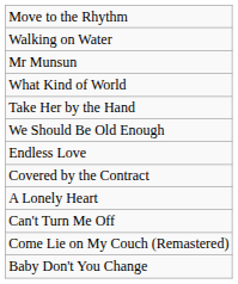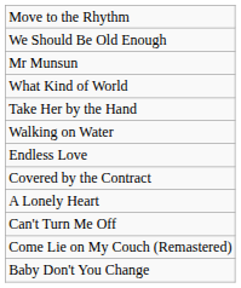 <table class="wikitable">
 <tr>
 <td>Move to the Rhythm</td>
 </tr>
 <tr>
-<td>Walking on Water</td>
+<td>We Should Be Old Enough</td>
 </tr>
 <tr>
 <td>Mr Munsun</td>
 </tr>
 <tr>
 <td>What Kind of World</td>
 </tr>
 <tr>
 <td>Take Her by the Hand</td>
 </tr>
 <tr>
-<td>We Should Be Old Enough</td>
+<td>Walking on Water</td>
 </tr>
 <tr>
 <td>Endless Love</td>
 </tr>
 <tr>
 <td>Covered by the Contract</td>
 </tr>
 <tr>
 <td>A Lonely Heart</td>
 </tr>
 <tr>
 <td>Can't Turn Me Off</td>
 </tr>
 <tr>
 <td>Come Lie on My Couch (Remastered)</td>
 </tr>
 <tr>
 <td>Baby Don't You Change</td>
 </tr>
 </table>
